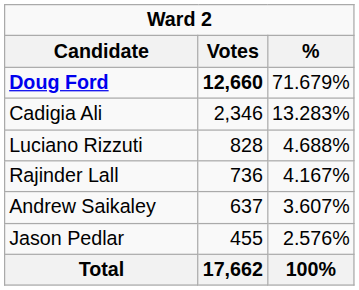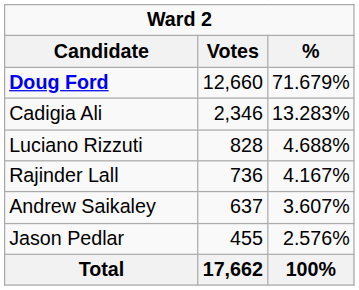 <table class="wikitable">
 <tr>
 <td Colspan="3" align="center"><strong>Ward 2</strong></td>
 </tr>
 <tr>
 <th bgcolor="#DDDDFF" width="150px">Candidate</th>
 <th bgcolor="#DDDDFF">Votes</th>
 <th bgcolor="#DDDDFF">%</th>
 </tr>
 <tr>
 <td><strong><a href='#'>Doug Ford</a></strong></td>
-<td align=right><strong>12,660</strong></td>
+<td align=right>12,660</td>
 <td align=right>71.679%</td>
 </tr>
 <tr>
 <td>Cadigia Ali</td>
 <td align=right>2,346</td>
 <td align=right>13.283%</td>
 </tr>
 <tr>
 <td>Luciano Rizzuti</td>
 <td align=right>828</td>
 <td align=right>4.688%</td>
 </tr>
 <tr>
 <td>Rajinder Lall</td>
 <td align=right>736</td>
 <td align=right>4.167%</td>
 </tr>
 <tr>
 <td>Andrew Saikaley</td>
 <td align=right>637</td>
 <td align=right>3.607%</td>
 </tr>
 <tr>
 <td>Jason Pedlar</td>
 <td align=right>455</td>
 <td align=right>2.576%</td>
 </tr>
 <tr>
 <th>Total</th>
 <th align=right>17,662</th>
 <th align=right>100%</th>
 </tr>
 </table>
